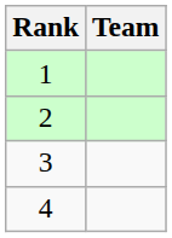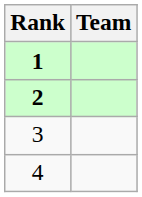 <table class="wikitable">
 <tr>
 <th>Rank</th>
 <th>Team</th>
 </tr>
 <tr style="background:#ccffcc;">
-<td align=center>1</td>
+<td align=center><strong>1</strong></td>
 <td> </td>
 </tr>
 <tr style="background:#ccffcc;">
-<td align=center>2</td>
+<td align=center><strong>2</strong></td>
 <td> </td>
 </tr>
 <tr>
 <td align=center>3</td>
 <td></td>
 </tr>
 <tr>
 <td align=center>4</td>
 <td></td>
 </tr>
 </table>
